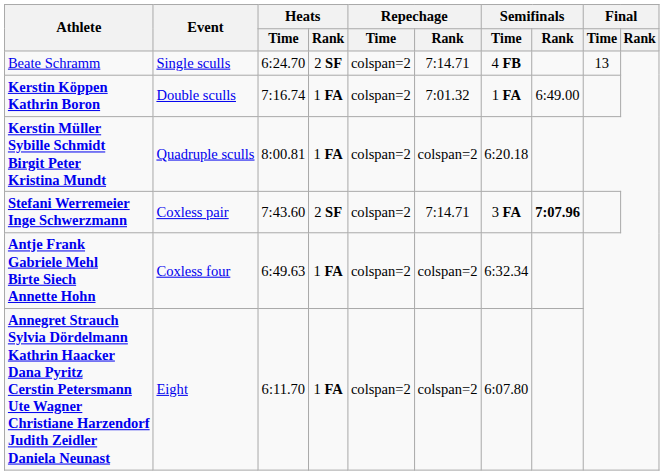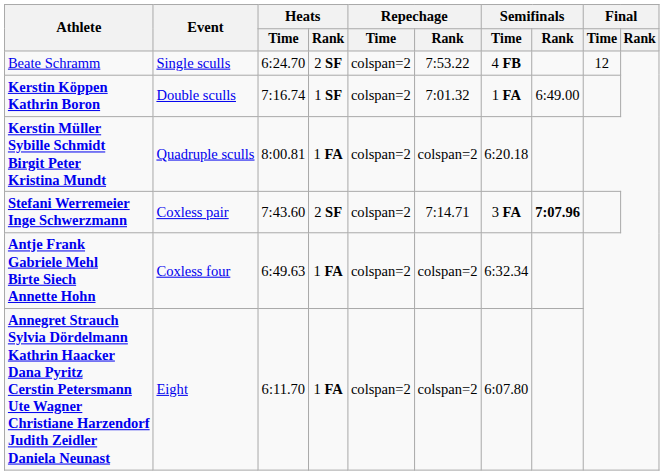 <table class="wikitable" style="font-size:90%">
 <tr>
 <th rowspan="2">Athlete</th>
 <th rowspan="2">Event</th>
 <th colspan="2">Heats</th>
 <th colspan="2">Repechage</th>
 <th colspan="2">Semifinals</th>
 <th colspan="2">Final</th>
 </tr>
 <tr style="font-size:95%">
 <th>Time</th>
 <th>Rank</th>
 <th>Time</th>
 <th>Rank</th>
 <th>Time</th>
 <th>Rank</th>
 <th>Time</th>
 <th>Rank</th>
 </tr>
 <tr align=center>
 <td align=left><a href='#'>Beate Schramm</a></td>
 <td align=left><a href='#'>Single sculls</a></td>
 <td>6:24.70</td>
 <td>2 <strong>SF</strong></td>
 <td>colspan=2</td>
-<td>7:14.71</td>
+<td>7:53.22</td>
 <td>4 <strong>FB</strong></td>
 <td></td>
-<td>13</td>
+<td>12</td>
 </tr>
 <tr align=center>
 <td align=left><strong><a href='#'>Kerstin Köppen</a><br><a href='#'>Kathrin Boron</a></strong></td>
 <td align=left><a href='#'>Double sculls</a></td>
 <td>7:16.74</td>
-<td>1 <strong>FA</strong></td>
+<td>1 <strong>SF</strong></td>
 <td>colspan=2</td>
 <td>7:01.32</td>
 <td>1 <strong>FA</strong></td>
 <td>6:49.00</td>
 <td></td>
 </tr>
 <tr align=center>
 <td align=left><strong><a href='#'>Kerstin Müller</a><br><a href='#'>Sybille Schmidt</a><br><a href='#'>Birgit Peter</a><br><a href='#'>Kristina Mundt</a></strong></td>
 <td align=left><a href='#'>Quadruple sculls</a></td>
 <td>8:00.81</td>
 <td>1 <strong>FA</strong></td>
 <td>colspan=2</td>
 <td>colspan=2</td>
 <td>6:20.18</td>
 <td></td>
 </tr>
 <tr align=center>
 <td align=left><strong><a href='#'>Stefani Werremeier</a><br><a href='#'>Inge Schwerzmann</a></strong></td>
 <td align=left><a href='#'>Coxless pair</a></td>
 <td>7:43.60</td>
 <td>2 <strong>SF</strong></td>
 <td>colspan=2</td>
 <td>7:14.71</td>
 <td>3 <strong>FA</strong></td>
 <td><strong>7:07.96</strong></td>
 <td></td>
 </tr>
 <tr align=center>
 <td align=left><strong><a href='#'>Antje Frank</a><br><a href='#'>Gabriele Mehl</a><br><a href='#'>Birte Siech</a><br><a href='#'>Annette Hohn</a></strong></td>
 <td align=left><a href='#'>Coxless four</a></td>
 <td>6:49.63</td>
 <td>1 <strong>FA</strong></td>
 <td>colspan=2</td>
 <td>colspan=2</td>
 <td>6:32.34</td>
 <td></td>
 </tr>
 <tr align=center>
 <td align=left><strong><a href='#'>Annegret Strauch</a><br><a href='#'>Sylvia Dördelmann</a><br><a href='#'>Kathrin Haacker</a><br><a href='#'>Dana Pyritz</a><br><a href='#'>Cerstin Petersmann</a><br><a href='#'>Ute Wagner</a><br><a href='#'>Christiane Harzendorf</a><br><a href='#'>Judith Zeidler</a><br><a href='#'>Daniela Neunast</a></strong></td>
 <td align=left><a href='#'>Eight</a></td>
 <td>6:11.70</td>
 <td>1 <strong>FA</strong></td>
 <td>colspan=2</td>
 <td>colspan=2</td>
 <td>6:07.80</td>
 <td></td>
 </tr>
 </table>
